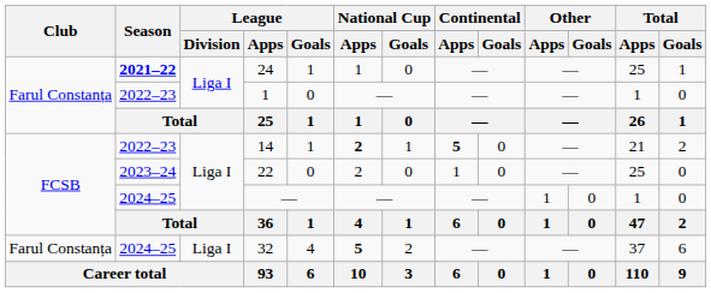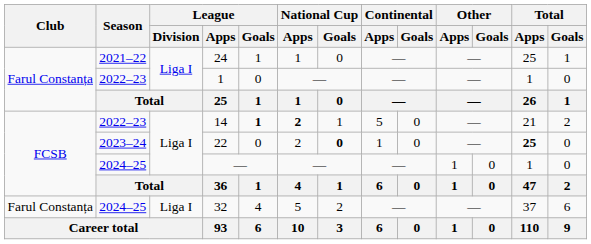 <table class=wikitable style=text-align:center>
 <tr>
 <th rowspan=2>Club</th>
 <th rowspan=2>Season</th>
 <th colspan=3>League</th>
 <th colspan=2>National Cup</th>
 <th colspan=2>Continental</th>
 <th colspan=2>Other</th>
 <th colspan=2>Total</th>
 </tr>
 <tr>
 <th>Division</th>
 <th>Apps</th>
 <th>Goals</th>
 <th>Apps</th>
 <th>Goals</th>
 <th>Apps</th>
 <th>Goals</th>
 <th>Apps</th>
 <th>Goals</th>
 <th>Apps</th>
 <th>Goals</th>
 </tr>
 <tr>
 <td rowspan="3"><a href='#'>Farul Constanța</a></td>
-<td><strong><a href='#'>2021–22</a></strong></td>
+<td><a href='#'>2021–22</a></td>
 <td rowspan="2"><a href='#'>Liga I</a></td>
 <td>24</td>
 <td>1</td>
 <td>1</td>
 <td>0</td>
 <td rowspan=1 colspan="2">—</td>
 <td rowspan=1 colspan="2">—</td>
 <td>25</td>
 <td>1</td>
 </tr>
 <tr>
 <td><a href='#'>2022–23</a></td>
 <td>1</td>
 <td>0</td>
 <td colspan="2">—</td>
 <td colspan="2">—</td>
 <td colspan="2">—</td>
 <td>1</td>
 <td>0</td>
 </tr>
 <tr>
 <th colspan="2">Total</th>
 <th>25</th>
 <th>1</th>
 <th>1</th>
 <th>0</th>
 <th colspan="2">—</th>
 <th colspan="2">—</th>
 <th>26</th>
 <th>1</th>
 </tr>
 <tr>
 <td rowspan="4"><a href='#'>FCSB</a></td>
 <td><a href='#'>2022–23</a></td>
 <td rowspan="3">Liga I</td>
 <td>14</td>
-<td>1</td>
+<td><strong>1</strong></td>
 <td><strong>2</strong></td>
 <td>1</td>
-<td><strong>5</strong></td>
+<td>5</td>
 <td>0</td>
 <td colspan="2">—</td>
 <td>21</td>
 <td>2</td>
 </tr>
 <tr>
 <td><a href='#'>2023–24</a></td>
 <td>22</td>
 <td>0</td>
 <td>2</td>
-<td>0</td>
+<td><strong>0</strong></td>
 <td>1</td>
 <td>0</td>
 <td colspan="2">—</td>
-<td>25</td>
+<td><strong>25</strong></td>
 <td>0</td>
 </tr>
 <tr>
 <td><a href='#'>2024–25</a></td>
 <td colspan="2">—</td>
 <td colspan="2">—</td>
 <td colspan="2">—</td>
 <td>1</td>
 <td>0</td>
 <td>1</td>
 <td>0</td>
 </tr>
 <tr>
 <th colspan="2">Total</th>
 <th>36</th>
 <th>1</th>
 <th>4</th>
 <th>1</th>
 <th>6</th>
 <th>0</th>
 <th>1</th>
 <th>0</th>
 <th>47</th>
 <th>2</th>
 </tr>
 <tr>
 <td rowspan="1">Farul Constanța</td>
 <td><a href='#'>2024–25</a></td>
 <td rowspan="1">Liga I</td>
 <td>32</td>
 <td>4</td>
-<td><strong>5</strong></td>
+<td>5</td>
 <td>2</td>
 <td rowspan=1 colspan="2">—</td>
 <td rowspan=1 colspan="2">—</td>
 <td>37</td>
 <td>6</td>
 </tr>
 <tr>
 <th colspan="3">Career total</th>
 <th>93</th>
 <th>6</th>
 <th>10</th>
 <th>3</th>
 <th>6</th>
 <th>0</th>
 <th>1</th>
 <th>0</th>
 <th>110</th>
 <th>9</th>
 </tr>
 </table>
